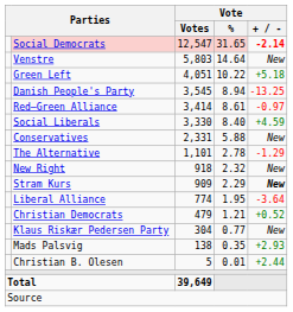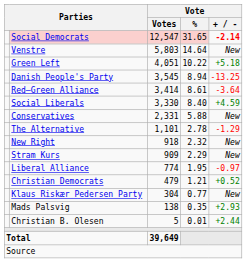 <table class="wikitable" style="text-align:right;">
 <tr>
 <th style="text-align:centre;" rowspan="2" colspan="2" width="225">Parties</th>
 <th colspan="3">Vote</th>
 </tr>
 <tr>
 <th width="15">Votes</th>
 <th width="15">%</th>
 <th width="15">+ / -</th>
 </tr>
 <tr>
 <td width="2" style="color:inherit;background:"></td>
 <td bgcolor=#fbd0ce  align="left"><a href='#'>Social Democrats</a></td>
 <td bgcolor=#fbd0ce>12,547</td>
 <td bgcolor=#fbd0ce>31.65</td>
 <td style=color:red;><strong>-2.14</strong></td>
 </tr>
 <tr>
 <td width="2" style="color:inherit;background:"></td>
 <td align="left"><a href='#'>Venstre</a></td>
 <td>5,803</td>
 <td>14.64</td>
 <td><em>New</em></td>
 </tr>
 <tr>
 <td width="2" style="color:inherit;background:"></td>
 <td align="left"><a href='#'>Green Left</a></td>
 <td>4,051</td>
 <td>10.22</td>
 <td style=color:green;>+5.18</td>
 </tr>
 <tr>
 <td width="2" style="color:inherit;background:"></td>
 <td align="left"><a href='#'>Danish People's Party</a></td>
 <td>3,545</td>
 <td>8.94</td>
 <td style=color:red;>-13.25</td>
 </tr>
 <tr>
 <td width="2" style="color:inherit;background:"></td>
 <td align="left"><a href='#'>Red–Green Alliance</a></td>
 <td>3,414</td>
 <td>8.61</td>
-<td style=color:red;>-0.97</td>
+<td style=color:red;>-3.64</td>
 </tr>
 <tr>
 <td width="2" style="color:inherit;background:"></td>
 <td align="left"><a href='#'>Social Liberals</a></td>
 <td>3,330</td>
 <td>8.40</td>
 <td style=color:green;>+4.59</td>
 </tr>
 <tr>
 <td width="2" style="color:inherit;background:"></td>
 <td align="left"><a href='#'>Conservatives</a></td>
 <td>2,331</td>
 <td>5.88</td>
 <td><em>New</em></td>
 </tr>
 <tr>
 <td width="2" style="color:inherit;background:"></td>
 <td align="left"><a href='#'>The Alternative</a></td>
 <td>1,101</td>
 <td>2.78</td>
 <td style=color:red;>-1.29</td>
 </tr>
 <tr>
 <td width="2" style="color:inherit;background:"></td>
 <td align="left"><a href='#'>New Right</a></td>
 <td>918</td>
 <td>2.32</td>
 <td><em>New</em></td>
 </tr>
 <tr>
 <td width="2" style="color:inherit;background:"></td>
 <td align="left"><a href='#'>Stram Kurs</a></td>
 <td>909</td>
 <td>2.29</td>
-<td><strong><em>New</em></strong></td>
+<td><em>New</em></td>
 </tr>
 <tr>
 <td width="2" style="color:inherit;background:"></td>
 <td align="left"><a href='#'>Liberal Alliance</a></td>
 <td>774</td>
 <td>1.95</td>
-<td style=color:red;>-3.64</td>
+<td style=color:red;>-0.97</td>
 </tr>
 <tr>
 <td width="2" style="color:inherit;background:"></td>
 <td align="left"><a href='#'>Christian Democrats</a></td>
 <td>479</td>
 <td>1.21</td>
 <td style=color:green;>+0.52</td>
 </tr>
 <tr>
 <td width="2" style="color:inherit;background:"></td>
 <td align="left"><a href='#'>Klaus Riskær Pedersen Party</a></td>
 <td>304</td>
 <td>0.77</td>
 <td><em>New</em></td>
 </tr>
 <tr>
 <td width="2" style="color:inherit;background:"></td>
 <td align="left">Mads Palsvig</td>
 <td>138</td>
 <td>0.35</td>
 <td style=color:green;>+2.93</td>
 </tr>
 <tr>
 <td width="2" style="color:inherit;background:"></td>
 <td align="left">Christian B. Olesen</td>
 <td>5</td>
 <td>0.01</td>
 <td style=color:green;>+2.44</td>
 </tr>
 <tr>
 <td colspan="7" bgcolor="#E9E9E9"></td>
 </tr>
 <tr>
 <td align="left" colspan="2"><strong>Total</strong></td>
 <td><strong>39,649</strong></td>
 <td bgcolor="#E9E9E9" colspan="2"></td>
 </tr>
 <tr>
 <td align="left" colspan="6">Source</td>
 </tr>
 </table>
